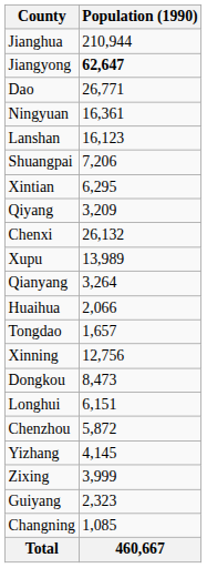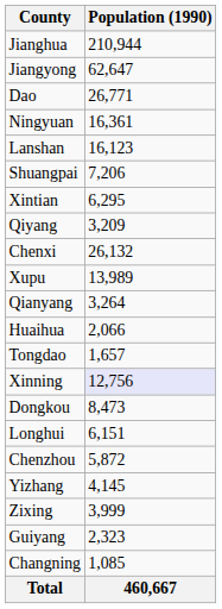 <table class="wikitable">
 <tr>
 <th>County</th>
 <th>Population (1990)</th>
 </tr>
 <tr>
 <td>Jianghua</td>
 <td>210,944</td>
 </tr>
 <tr>
 <td>Jiangyong</td>
-<td><strong>62,647</strong></td>
+<td>62,647</td>
 </tr>
 <tr>
 <td>Dao</td>
 <td>26,771</td>
 </tr>
 <tr>
 <td>Ningyuan</td>
 <td>16,361</td>
 </tr>
 <tr>
 <td>Lanshan</td>
 <td>16,123</td>
 </tr>
 <tr>
 <td>Shuangpai</td>
 <td>7,206</td>
 </tr>
 <tr>
 <td>Xintian</td>
 <td>6,295</td>
 </tr>
 <tr>
 <td>Qiyang</td>
 <td>3,209</td>
 </tr>
 <tr>
 <td>Chenxi</td>
 <td>26,132</td>
 </tr>
 <tr>
 <td>Xupu</td>
 <td>13,989</td>
 </tr>
 <tr>
 <td>Qianyang</td>
 <td>3,264</td>
 </tr>
 <tr>
 <td>Huaihua</td>
 <td>2,066</td>
 </tr>
 <tr>
 <td>Tongdao</td>
 <td>1,657</td>
 </tr>
 <tr>
 <td>Xinning</td>
-<td>12,756</td>
+<td style="background: lavender;">12,756</td>
 </tr>
 <tr>
 <td>Dongkou</td>
 <td>8,473</td>
 </tr>
 <tr>
 <td>Longhui</td>
 <td>6,151</td>
 </tr>
 <tr>
 <td>Chenzhou</td>
 <td>5,872</td>
 </tr>
 <tr>
 <td>Yizhang</td>
 <td>4,145</td>
 </tr>
 <tr>
 <td>Zixing</td>
 <td>3,999</td>
 </tr>
 <tr>
 <td>Guiyang</td>
 <td>2,323</td>
 </tr>
 <tr>
 <td>Changning</td>
 <td>1,085</td>
 </tr>
 <tr>
 <th>Total</th>
 <th>460,667</th>
 </tr>
 </table>
